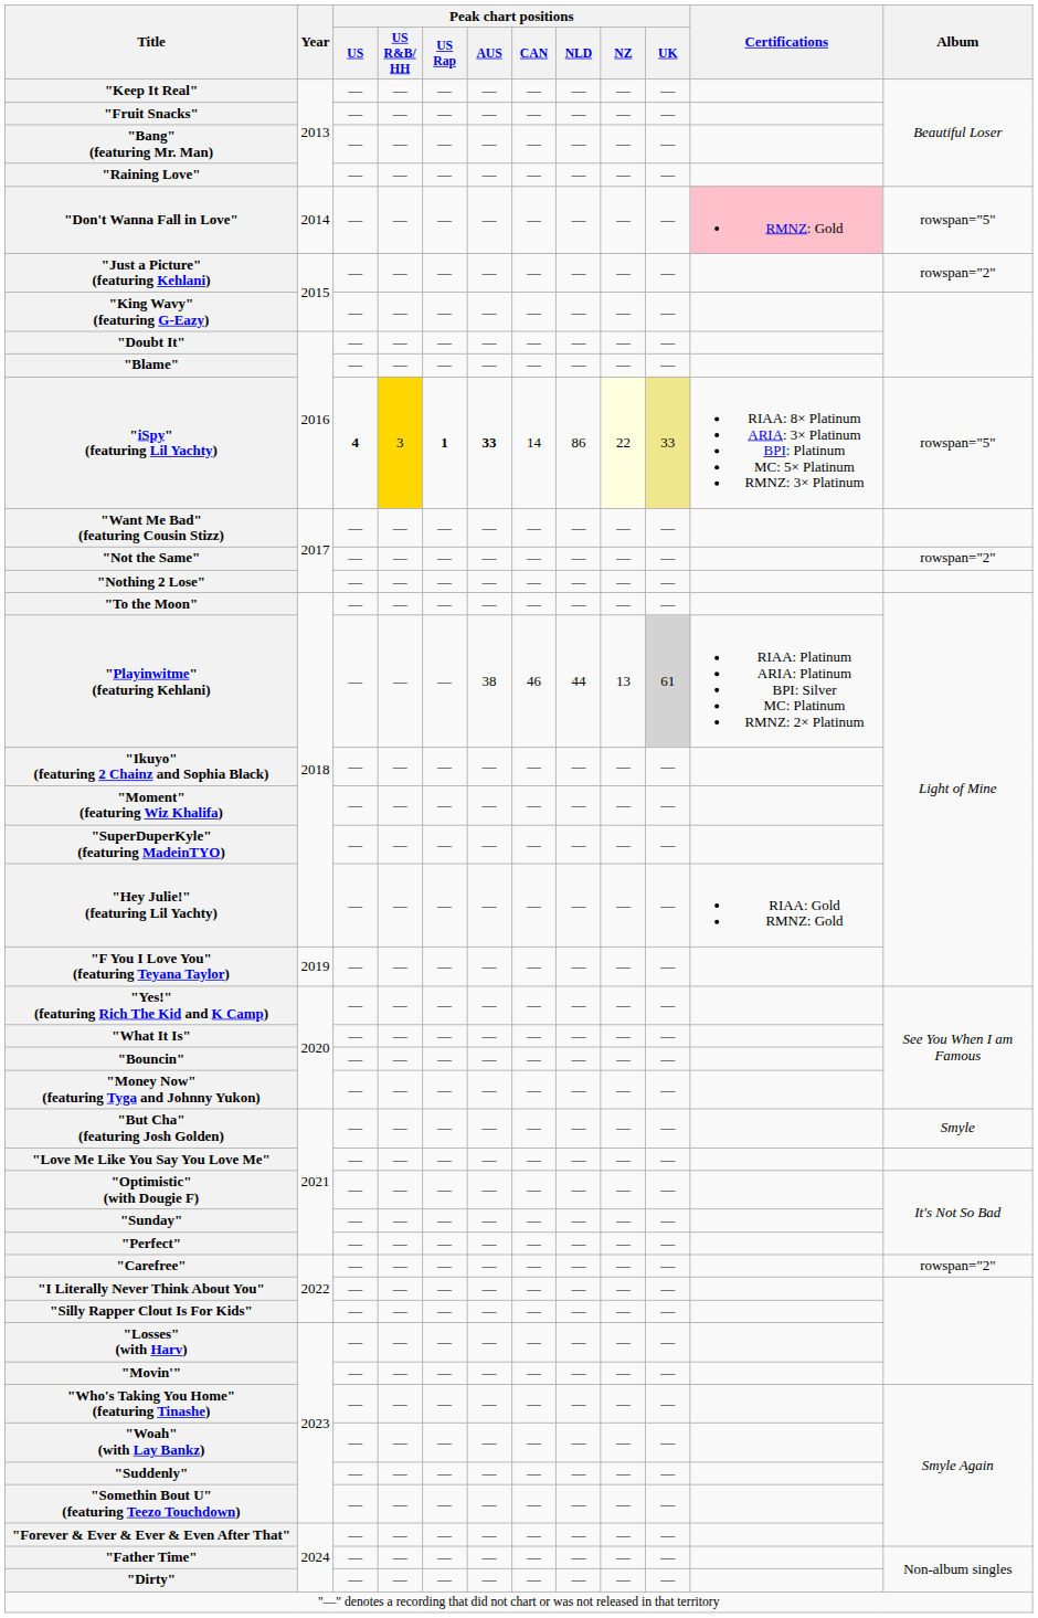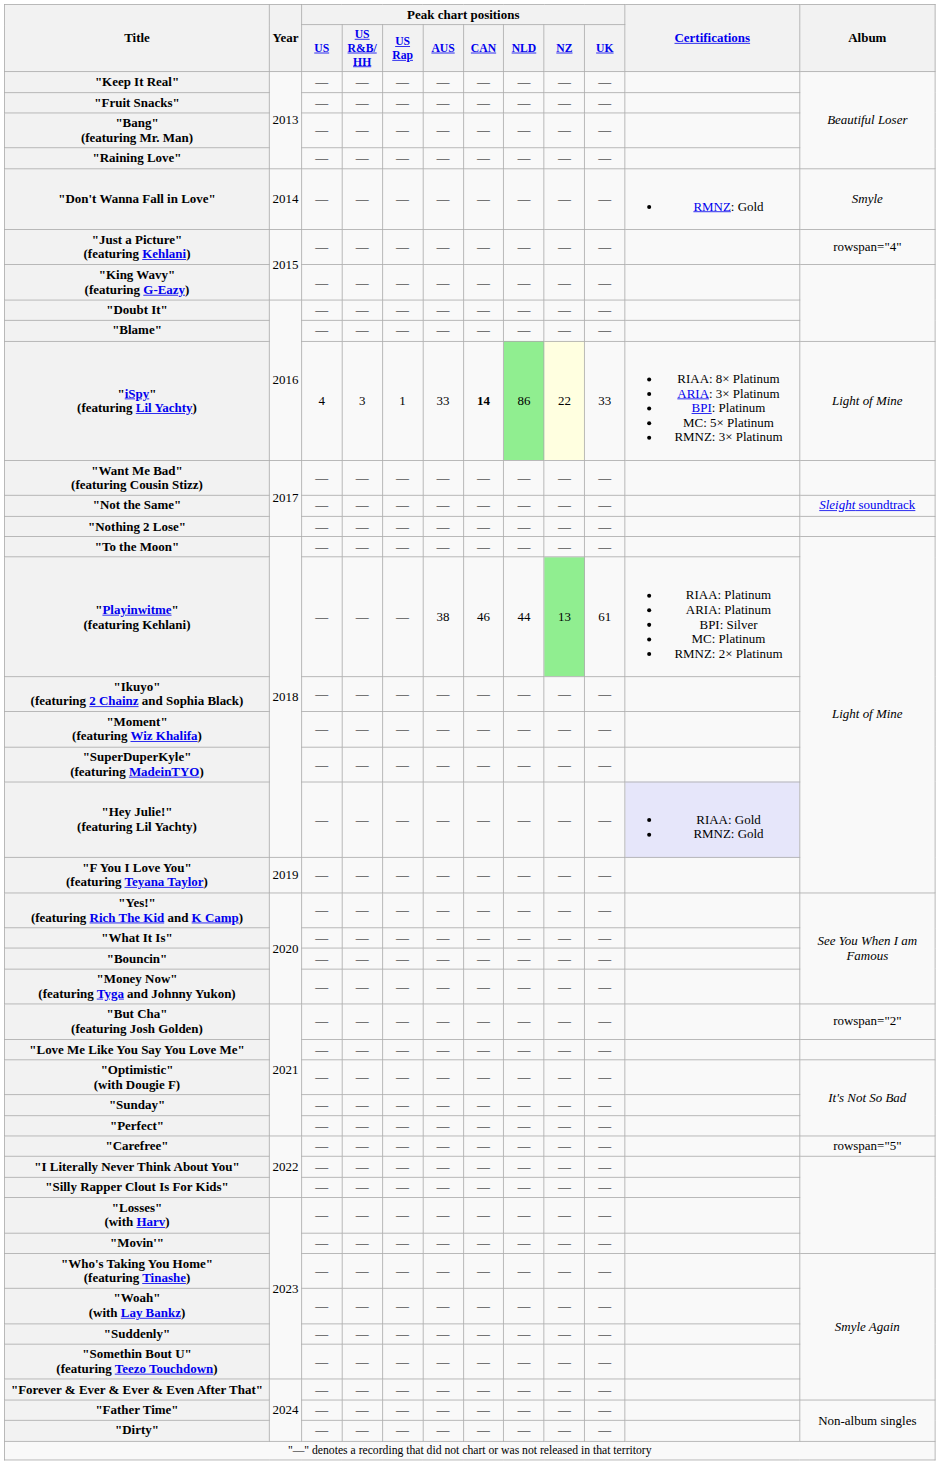 <table class="wikitable plainrowheaders" style="text-align:center;">
 <tr>
 <th scope="col" rowspan="2" style="width:20em;">Title</th>
 <th scope="col" rowspan="2" style="width:1em;">Year</th>
 <th scope="col" colspan="8">Peak chart positions</th>
 <th scope="col" rowspan="2" style="width:13em;"><a href='#'>Certifications</a></th>
 <th scope="col" rowspan="2" style="width:10em;">Album</th>
 </tr>
 <tr>
 <th scope="col" style="width:3em;font-size:90%;"><a href='#'>US</a><br></th>
 <th scope="col" style="width:3em;font-size:90%;"><a href='#'>US R&B/<br>HH</a><br></th>
 <th scope="col" style="width:3em;font-size:90%;"><a href='#'>US<br>Rap</a><br></th>
 <th scope="col" style="width:3em;font-size:90%;"><a href='#'>AUS</a><br></th>
 <th scope="col" style="width:3em;font-size:90%;"><a href='#'>CAN</a><br></th>
 <th scope="col" style="width:3em;font-size:90%;"><a href='#'>NLD</a><br></th>
 <th scope="col" style="width:3em;font-size:90%;"><a href='#'>NZ</a><br></th>
 <th scope="col" style="width:3em;font-size:90%;"><a href='#'>UK</a><br></th>
 </tr>
 <tr>
 <th scope="row">"Keep It Real"</th>
 <td rowspan="4">2013</td>
 <td>—</td>
 <td>—</td>
 <td>—</td>
 <td>—</td>
 <td>—</td>
 <td>—</td>
 <td>—</td>
 <td>—</td>
 <td></td>
 <td rowspan="4"><em>Beautiful Loser</em></td>
 </tr>
 <tr>
 <th scope="row">"Fruit Snacks"</th>
 <td>—</td>
 <td>—</td>
 <td>—</td>
 <td>—</td>
 <td>—</td>
 <td>—</td>
 <td>—</td>
 <td>—</td>
 <td></td>
 </tr>
 <tr>
 <th scope="row">"Bang"<br><span>(featuring Mr. Man)</span></th>
 <td>—</td>
 <td>—</td>
 <td>—</td>
 <td>—</td>
 <td>—</td>
 <td>—</td>
 <td>—</td>
 <td>—</td>
 <td></td>
 </tr>
 <tr>
 <th scope="row">"Raining Love"</th>
 <td>—</td>
 <td>—</td>
 <td>—</td>
 <td>—</td>
 <td>—</td>
 <td>—</td>
 <td>—</td>
 <td>—</td>
 <td></td>
 </tr>
 <tr>
 <th scope="row">"Don't Wanna Fall in Love"</th>
 <td>2014</td>
 <td>—</td>
 <td>—</td>
 <td>—</td>
 <td>—</td>
 <td>—</td>
 <td>—</td>
 <td>—</td>
 <td>—</td>
-<td style="background: pink;"><br><ul><li><a href='#'>RMNZ</a>: Gold</li></ul></td>
-<td>rowspan="5" </td>
+<td><br><ul><li><a href='#'>RMNZ</a>: Gold</li></ul></td>
+<td><em>Smyle</em></td>
 </tr>
 <tr>
 <th scope="row">"Just a Picture"<br><span>(featuring <a href='#'>Kehlani</a>)</span></th>
 <td rowspan="2">2015</td>
 <td>—</td>
 <td>—</td>
 <td>—</td>
 <td>—</td>
 <td>—</td>
 <td>—</td>
 <td>—</td>
 <td>—</td>
 <td></td>
-<td>rowspan="2" </td>
+<td>rowspan="4" </td>
 </tr>
 <tr>
 <th scope="row">"King Wavy"<br><span>(featuring <a href='#'>G-Eazy</a>)</span></th>
 <td>—</td>
 <td>—</td>
 <td>—</td>
 <td>—</td>
 <td>—</td>
 <td>—</td>
 <td>—</td>
 <td>—</td>
 <td></td>
 </tr>
 <tr>
 <th scope="row">"Doubt It"</th>
 <td rowspan="3">2016</td>
 <td>—</td>
 <td>—</td>
 <td>—</td>
 <td>—</td>
 <td>—</td>
 <td>—</td>
 <td>—</td>
 <td>—</td>
 <td></td>
 </tr>
 <tr>
 <th scope="row">"Blame"</th>
 <td>—</td>
 <td>—</td>
 <td>—</td>
 <td>—</td>
 <td>—</td>
 <td>—</td>
 <td>—</td>
 <td>—</td>
 <td></td>
 </tr>
 <tr>
 <th scope="row">"<a href='#'>iSpy</a>"<br><span>(featuring <a href='#'>Lil Yachty</a>)</span></th>
-<td><strong>4</strong></td>
-<td style="background: gold;">3</td>
-<td><strong>1</strong></td>
-<td><strong>33</strong></td>
-<td>14</td>
-<td>86</td>
+<td>4</td>
+<td>3</td>
+<td>1</td>
+<td>33</td>
+<td><strong>14</strong></td>
+<td style="background: lightgreen;">86</td>
 <td style="background: lightyellow;">22</td>
-<td style="background: khaki;">33</td>
+<td>33</td>
 <td><br><ul><li>RIAA: 8× Platinum</li><li><a href='#'>ARIA</a>: 3× Platinum</li><li><a href='#'>BPI</a>: Platinum</li><li>MC: 5× Platinum</li><li>RMNZ: 3× Platinum</li></ul></td>
-<td>rowspan="5" </td>
+<td rowspan="1"><em>Light of Mine</em></td>
 </tr>
 <tr>
 <th scope="row">"Want Me Bad"<br><span>(featuring Cousin Stizz)</span></th>
 <td rowspan="3">2017</td>
 <td>—</td>
 <td>—</td>
 <td>—</td>
 <td>—</td>
 <td>—</td>
 <td>—</td>
 <td>—</td>
 <td>—</td>
 <td></td>
 <td></td>
 </tr>
 <tr>
 <th scope="row">"Not the Same"</th>
 <td>—</td>
 <td>—</td>
 <td>—</td>
 <td>—</td>
 <td>—</td>
 <td>—</td>
 <td>—</td>
 <td>—</td>
 <td></td>
-<td>rowspan="2" </td>
+<td><a href='#'><em>Sleight</em> soundtrack</a></td>
 </tr>
 <tr>
 <th scope="row">"Nothing 2 Lose"</th>
 <td>—</td>
 <td>—</td>
 <td>—</td>
 <td>—</td>
 <td>—</td>
 <td>—</td>
 <td>—</td>
 <td>—</td>
 <td></td>
 <td></td>
 </tr>
 <tr>
 <th scope="row">"To the Moon"</th>
 <td rowspan="6">2018</td>
 <td>—</td>
 <td>—</td>
 <td>—</td>
 <td>—</td>
 <td>—</td>
 <td>—</td>
 <td>—</td>
 <td>—</td>
 <td></td>
 <td rowspan="7"><em>Light of Mine</em></td>
 </tr>
 <tr>
 <th scope="row">"<a href='#'>Playinwitme</a>"<br><span>(featuring Kehlani)</span></th>
 <td>—</td>
 <td>—</td>
 <td>—</td>
 <td>38</td>
 <td>46</td>
 <td>44</td>
-<td>13</td>
-<td style="background: lightgrey;">61</td>
+<td style="background: lightgreen;">13</td>
+<td>61</td>
 <td><br><ul><li>RIAA: Platinum</li><li>ARIA: Platinum</li><li>BPI: Silver</li><li>MC: Platinum</li><li>RMNZ: 2× Platinum</li></ul></td>
 </tr>
 <tr>
 <th scope="row">"Ikuyo"<br><span>(featuring <a href='#'>2 Chainz</a> and Sophia Black)</span></th>
 <td>—</td>
 <td>—</td>
 <td>—</td>
 <td>—</td>
 <td>—</td>
 <td>—</td>
 <td>—</td>
 <td>—</td>
 <td></td>
 </tr>
 <tr>
 <th scope="row">"Moment"<br><span>(featuring <a href='#'>Wiz Khalifa</a>)</span></th>
 <td>—</td>
 <td>—</td>
 <td>—</td>
 <td>—</td>
 <td>—</td>
 <td>—</td>
 <td>—</td>
 <td>—</td>
 <td></td>
 </tr>
 <tr>
 <th scope="row">"SuperDuperKyle"<br><span>(featuring <a href='#'>MadeinTYO</a>)</span></th>
 <td>—</td>
 <td>—</td>
 <td>—</td>
 <td>—</td>
 <td>—</td>
 <td>—</td>
 <td>—</td>
 <td>—</td>
 <td></td>
 </tr>
 <tr>
 <th scope="row">"Hey Julie!"<br><span>(featuring Lil Yachty)</span></th>
 <td>—</td>
 <td>—</td>
 <td>—</td>
 <td>—</td>
 <td>—</td>
 <td>—</td>
 <td>—</td>
 <td>—</td>
-<td><br><ul><li>RIAA: Gold</li><li>RMNZ: Gold</li></ul></td>
+<td style="background: lavender;"><br><ul><li>RIAA: Gold</li><li>RMNZ: Gold</li></ul></td>
 </tr>
 <tr>
 <th scope="row">"F You I Love You"<br><span>(featuring <a href='#'>Teyana Taylor</a>)</span></th>
 <td>2019</td>
 <td>—</td>
 <td>—</td>
 <td>—</td>
 <td>—</td>
 <td>—</td>
 <td>—</td>
 <td>—</td>
 <td>—</td>
 <td></td>
 </tr>
 <tr>
 <th scope="row">"Yes!"<br><span>(featuring <a href='#'>Rich The Kid</a> and <a href='#'>K Camp</a>)</span></th>
 <td rowspan="4">2020</td>
 <td>—</td>
 <td>—</td>
 <td>—</td>
 <td>—</td>
 <td>—</td>
 <td>—</td>
 <td>—</td>
 <td>—</td>
 <td></td>
 <td rowspan="4"><em>See You When I am Famous</em></td>
 </tr>
 <tr>
 <th scope="row">"What It Is"</th>
 <td>—</td>
 <td>—</td>
 <td>—</td>
 <td>—</td>
 <td>—</td>
 <td>—</td>
 <td>—</td>
 <td>—</td>
 <td></td>
 </tr>
 <tr>
 <th scope="row">"Bouncin"</th>
 <td>—</td>
 <td>—</td>
 <td>—</td>
 <td>—</td>
 <td>—</td>
 <td>—</td>
 <td>—</td>
 <td>—</td>
 <td></td>
 </tr>
 <tr>
 <th scope="row">"Money Now"<br><span>(featuring <a href='#'>Tyga</a> and Johnny Yukon)</span></th>
 <td>—</td>
 <td>—</td>
 <td>—</td>
 <td>—</td>
 <td>—</td>
 <td>—</td>
 <td>—</td>
 <td>—</td>
 <td></td>
 </tr>
 <tr>
 <th scope="row">"But Cha"<br><span>(featuring Josh Golden)</span></th>
 <td rowspan="5">2021</td>
 <td>—</td>
 <td>—</td>
 <td>—</td>
 <td>—</td>
 <td>—</td>
 <td>—</td>
 <td>—</td>
 <td>—</td>
 <td></td>
-<td><em>Smyle</em></td>
+<td>rowspan="2" </td>
 </tr>
 <tr>
 <th scope="row">"Love Me Like You Say You Love Me"</th>
 <td>—</td>
 <td>—</td>
 <td>—</td>
 <td>—</td>
 <td>—</td>
 <td>—</td>
 <td>—</td>
 <td>—</td>
 <td></td>
 </tr>
 <tr>
 <th scope="row">"Optimistic"<br><span>(with Dougie F)</span></th>
 <td>—</td>
 <td>—</td>
 <td>—</td>
 <td>—</td>
 <td>—</td>
 <td>—</td>
 <td>—</td>
 <td>—</td>
 <td></td>
 <td rowspan="3"><em>It's Not So Bad</em></td>
 </tr>
 <tr>
 <th scope="row">"Sunday"</th>
 <td>—</td>
 <td>—</td>
 <td>—</td>
 <td>—</td>
 <td>—</td>
 <td>—</td>
 <td>—</td>
 <td>—</td>
 <td></td>
 </tr>
 <tr>
 <th scope="row">"Perfect"</th>
 <td>—</td>
 <td>—</td>
 <td>—</td>
 <td>—</td>
 <td>—</td>
 <td>—</td>
 <td>—</td>
 <td>—</td>
 <td></td>
 </tr>
 <tr>
 <th scope="row">"Carefree"</th>
 <td rowspan="3">2022</td>
 <td>—</td>
 <td>—</td>
 <td>—</td>
 <td>—</td>
 <td>—</td>
 <td>—</td>
 <td>—</td>
 <td>—</td>
 <td></td>
-<td>rowspan="2" </td>
+<td>rowspan="5" </td>
 </tr>
 <tr>
 <th scope="row">"I Literally Never Think About You"</th>
 <td>—</td>
 <td>—</td>
 <td>—</td>
 <td>—</td>
 <td>—</td>
 <td>—</td>
 <td>—</td>
 <td>—</td>
 <td></td>
 </tr>
 <tr>
 <th scope="row">"Silly Rapper Clout Is For Kids"</th>
 <td>—</td>
 <td>—</td>
 <td>—</td>
 <td>—</td>
 <td>—</td>
 <td>—</td>
 <td>—</td>
 <td>—</td>
 <td></td>
 </tr>
 <tr>
 <th scope="row">"Losses"<br><span>(with <a href='#'>Harv</a>)</span></th>
 <td rowspan="6">2023</td>
 <td>—</td>
 <td>—</td>
 <td>—</td>
 <td>—</td>
 <td>—</td>
 <td>—</td>
 <td>—</td>
 <td>—</td>
 <td></td>
 </tr>
 <tr>
 <th scope="row">"Movin'"</th>
 <td>—</td>
 <td>—</td>
 <td>—</td>
 <td>—</td>
 <td>—</td>
 <td>—</td>
 <td>—</td>
 <td>—</td>
 <td></td>
 </tr>
 <tr>
 <th scope="row">"Who's Taking You Home"<br><span>(featuring <a href='#'>Tinashe</a>)</span></th>
 <td>—</td>
 <td>—</td>
 <td>—</td>
 <td>—</td>
 <td>—</td>
 <td>—</td>
 <td>—</td>
 <td>—</td>
 <td></td>
 <td rowspan="5"><em>Smyle Again</em></td>
 </tr>
 <tr>
 <th scope="row">"Woah"<br><span>(with <a href='#'>Lay Bankz</a>)</span></th>
 <td>—</td>
 <td>—</td>
 <td>—</td>
 <td>—</td>
 <td>—</td>
 <td>—</td>
 <td>—</td>
 <td>—</td>
 <td></td>
 </tr>
 <tr>
 <th scope="row">"Suddenly"</th>
 <td>—</td>
 <td>—</td>
 <td>—</td>
 <td>—</td>
 <td>—</td>
 <td>—</td>
 <td>—</td>
 <td>—</td>
 <td></td>
 </tr>
 <tr>
 <th scope="row">"Somethin Bout U"<br><span>(featuring <a href='#'>Teezo Touchdown</a>)</span></th>
 <td>—</td>
 <td>—</td>
 <td>—</td>
 <td>—</td>
 <td>—</td>
 <td>—</td>
 <td>—</td>
 <td>—</td>
 <td></td>
 </tr>
 <tr>
 <th scope="row">"Forever & Ever & Ever & Even After That"</th>
 <td rowspan="3">2024</td>
 <td>—</td>
 <td>—</td>
 <td>—</td>
 <td>—</td>
 <td>—</td>
 <td>—</td>
 <td>—</td>
 <td>—</td>
 <td></td>
 </tr>
 <tr>
 <th scope="row">"Father Time"</th>
 <td>—</td>
 <td>—</td>
 <td>—</td>
 <td>—</td>
 <td>—</td>
 <td>—</td>
 <td>—</td>
 <td>—</td>
 <td></td>
 <td rowspan="2">Non-album singles</td>
 </tr>
 <tr>
 <th scope="row">"Dirty"</th>
 <td>—</td>
 <td>—</td>
 <td>—</td>
 <td>—</td>
 <td>—</td>
 <td>—</td>
 <td>—</td>
 <td>—</td>
 <td></td>
 </tr>
 <tr>
 <td colspan="13" style="font-size:90%">"—" denotes a recording that did not chart or was not released in that territory</td>
 </tr>
 </table>
